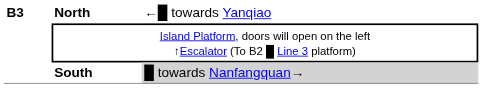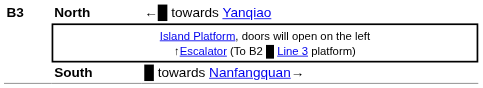 <table border=0 cellspacing=0 cellpadding=3>
 <tr>
 <td style="border-top:solid 0px gray;border-bottom:solid 1px gray;" width=50 rowspan=3 valign=top><strong>B3</strong></td>
 <td style="border-top:solid 0px gray;" width=100><strong>North</strong></td>
 <td style="border-top:solid 0px gray;" width=390>←<span>█</span>  towards <a href='#'>Yanqiao</a></td>
 </tr>
 <tr>
 <td style="border-top:solid 2px black;border-right:solid 2px black;border-left:solid 2px black;border-bottom:solid 2px black;text-align:center;" colspan=2><small><a href='#'>Island Platform</a>, doors will open on the left<br>↑<a href='#'>Escalator</a> (To B2 <span>█</span> <a href='#'>Line 3</a> platform)</small></td>
 </tr>
 <tr>
 <td style="border-bottom:solid 1px gray;"><strong>South</strong></td>
-<td style="background: lightgrey; border-bottom:solid 1px gray;"><span>█</span> towards <a href='#'>Nanfangquan</a>→</td>
+<td style="border-bottom:solid 1px gray;"><span>█</span> towards <a href='#'>Nanfangquan</a>→</td>
 </tr>
 </table>
